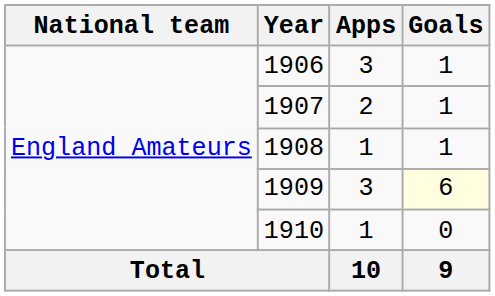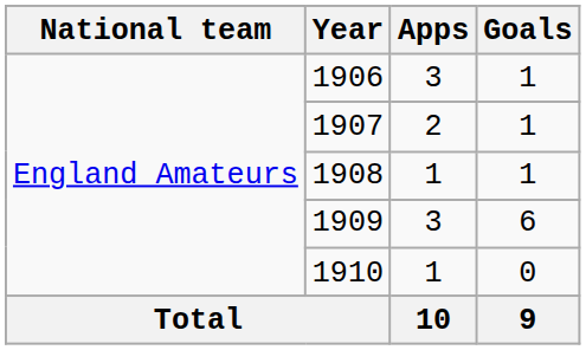 <table class="wikitable" style="text-align:center">
 <tr>
 <th>National team</th>
 <th>Year</th>
 <th>Apps</th>
 <th>Goals</th>
 </tr>
 <tr>
 <td rowspan="5"><a href='#'>England Amateurs</a></td>
 <td>1906</td>
 <td>3</td>
 <td>1</td>
 </tr>
 <tr>
 <td>1907</td>
 <td>2</td>
 <td>1</td>
 </tr>
 <tr>
 <td>1908</td>
 <td>1</td>
 <td>1</td>
 </tr>
 <tr>
 <td>1909</td>
 <td>3</td>
-<td style="background: lightyellow;">6</td>
+<td>6</td>
 </tr>
 <tr>
 <td>1910</td>
 <td>1</td>
 <td>0</td>
 </tr>
 <tr>
 <th colspan="2">Total</th>
 <th>10</th>
 <th>9</th>
 </tr>
 </table>
